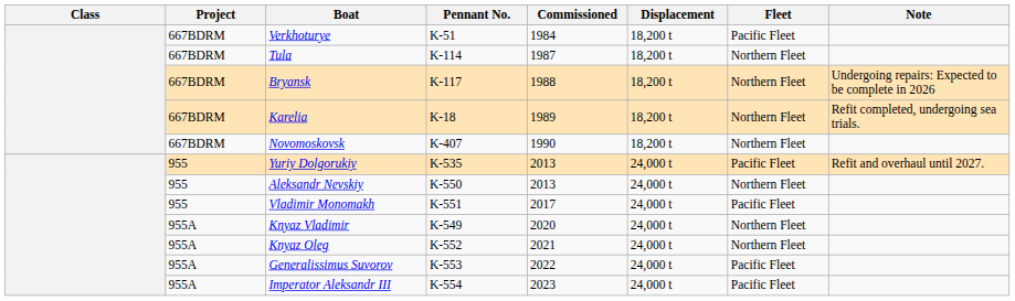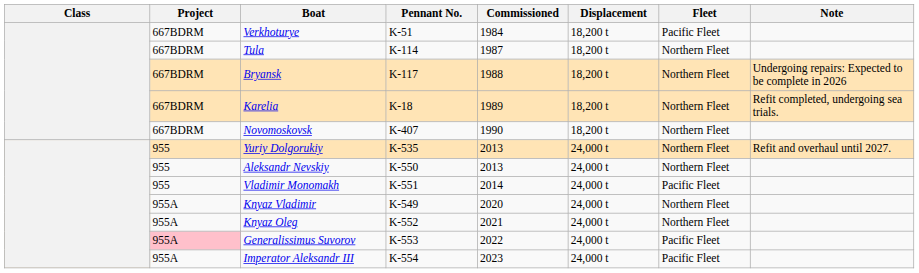 <table class="wikitable sortable" style="margin:auto; width:100%;">
 <tr>
 <th style="text-align:center; width:16%;">Class</th>
 <th style="text-align:center; width:10%;">Project</th>
 <th style="text-align:center; width:16%;">Boat</th>
 <th style="text-align:center; width:10%;">Pennant No.</th>
 <th style="text-align:center; width:10%;">Commissioned</th>
 <th style="text-align:center; width:10%;">Displacement</th>
 <th style="text-align:center; width:10%;">Fleet</th>
 <th style="text-align:center; width:18%;">Note</th>
 </tr>
 <tr>
 <th rowspan="5"></th>
 <td>667BDRM</td>
 <td><a href='#'><em>Verkhoturye</em></a></td>
 <td>K-51</td>
 <td>1984</td>
 <td>18,200 t</td>
 <td>Pacific Fleet</td>
 <td></td>
 </tr>
 <tr>
 <td>667BDRM</td>
 <td><a href='#'><em>Tula</em></a></td>
 <td>K-114</td>
 <td>1987</td>
 <td>18,200 t</td>
 <td>Northern Fleet</td>
 <td></td>
 </tr>
 <tr style="background: #FFE4B5">
 <td>667BDRM</td>
 <td><a href='#'><em>Bryansk</em></a></td>
 <td>K-117</td>
 <td>1988</td>
 <td>18,200 t</td>
 <td>Northern Fleet</td>
 <td>Undergoing repairs: Expected to be complete in 2026</td>
 </tr>
 <tr style="background: #FFE4B5">
 <td>667BDRM</td>
 <td><a href='#'><em>Karelia</em></a></td>
 <td>K-18</td>
 <td>1989</td>
 <td>18,200 t</td>
 <td>Northern Fleet</td>
 <td>Refit completed, undergoing sea trials.</td>
 </tr>
 <tr>
 <td>667BDRM</td>
 <td><a href='#'><em>Novomoskovsk</em></a></td>
 <td>K-407</td>
 <td>1990</td>
 <td>18,200 t</td>
 <td>Northern Fleet</td>
 <td></td>
 </tr>
 <tr style="background: #FFE4B5">
 <th rowspan="7"></th>
 <td>955</td>
 <td><a href='#'><em>Yuriy Dolgorukiy</em></a></td>
 <td>K-535</td>
 <td>2013</td>
 <td>24,000 t</td>
-<td>Pacific Fleet</td>
+<td>Northern Fleet</td>
 <td>Refit and overhaul until 2027.</td>
 </tr>
 <tr>
 <td>955</td>
 <td><a href='#'><em>Aleksandr Nevskiy</em></a></td>
 <td>K-550</td>
 <td>2013</td>
 <td>24,000 t</td>
 <td>Northern Fleet</td>
 <td></td>
 </tr>
 <tr>
 <td>955</td>
 <td><a href='#'><em>Vladimir Monomakh</em></a></td>
 <td>K-551</td>
-<td>2017</td>
+<td>2014</td>
 <td>24,000 t</td>
 <td>Pacific Fleet</td>
 <td></td>
 </tr>
 <tr>
 <td>955A</td>
 <td><a href='#'><em>Knyaz Vladimir</em></a></td>
 <td>K-549</td>
 <td>2020</td>
 <td>24,000 t</td>
 <td>Northern Fleet</td>
 <td></td>
 </tr>
 <tr>
 <td>955A</td>
 <td><a href='#'><em>Knyaz Oleg</em></a></td>
 <td>K-552</td>
 <td>2021</td>
 <td>24,000 t</td>
 <td>Northern Fleet</td>
 <td></td>
 </tr>
 <tr>
-<td>955A</td>
+<td style="background: pink;">955A</td>
 <td><a href='#'><em>Generalissimus Suvorov</em></a></td>
 <td>K-553</td>
 <td>2022</td>
 <td>24,000 t</td>
 <td>Pacific Fleet</td>
 <td></td>
 </tr>
 <tr>
 <td>955A</td>
 <td><a href='#'><em>Imperator Aleksandr III</em></a></td>
 <td>K-554</td>
 <td>2023</td>
 <td>24,000 t</td>
 <td>Pacific Fleet</td>
 <td></td>
 </tr>
 </table>
